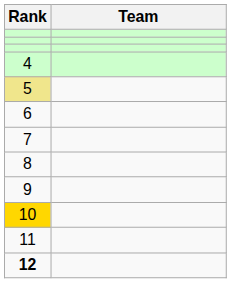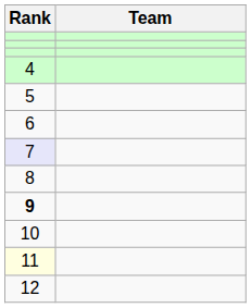 <table class="wikitable">
 <tr>
 <th>Rank</th>
 <th width=170>Team</th>
 </tr>
 <tr bgcolor=#ccffcc>
 <td align=center></td>
 <td></td>
 </tr>
 <tr bgcolor=#ccffcc>
 <td align=center></td>
 <td></td>
 </tr>
 <tr bgcolor=#ccffcc>
 <td align=center></td>
 <td></td>
 </tr>
 <tr bgcolor=#ccffcc>
 <td align=center>4</td>
 <td></td>
 </tr>
 <tr>
-<td align=center style="background: khaki;">5</td>
+<td align=center>5</td>
 <td></td>
 </tr>
 <tr>
 <td align=center>6</td>
 <td></td>
 </tr>
 <tr>
-<td align=center>7</td>
+<td align=center style="background: lavender;">7</td>
 <td></td>
 </tr>
 <tr>
 <td align=center>8</td>
 <td></td>
 </tr>
 <tr>
-<td align=center>9</td>
+<td align=center><strong>9</strong></td>
 <td></td>
 </tr>
 <tr>
-<td align=center style="background: gold;">10</td>
+<td align=center>10</td>
 <td></td>
 </tr>
 <tr>
-<td align=center>11</td>
+<td align=center style="background: lightyellow;">11</td>
 <td></td>
 </tr>
 <tr>
-<td align=center><strong>12</strong></td>
+<td align=center>12</td>
 <td></td>
 </tr>
 </table>
